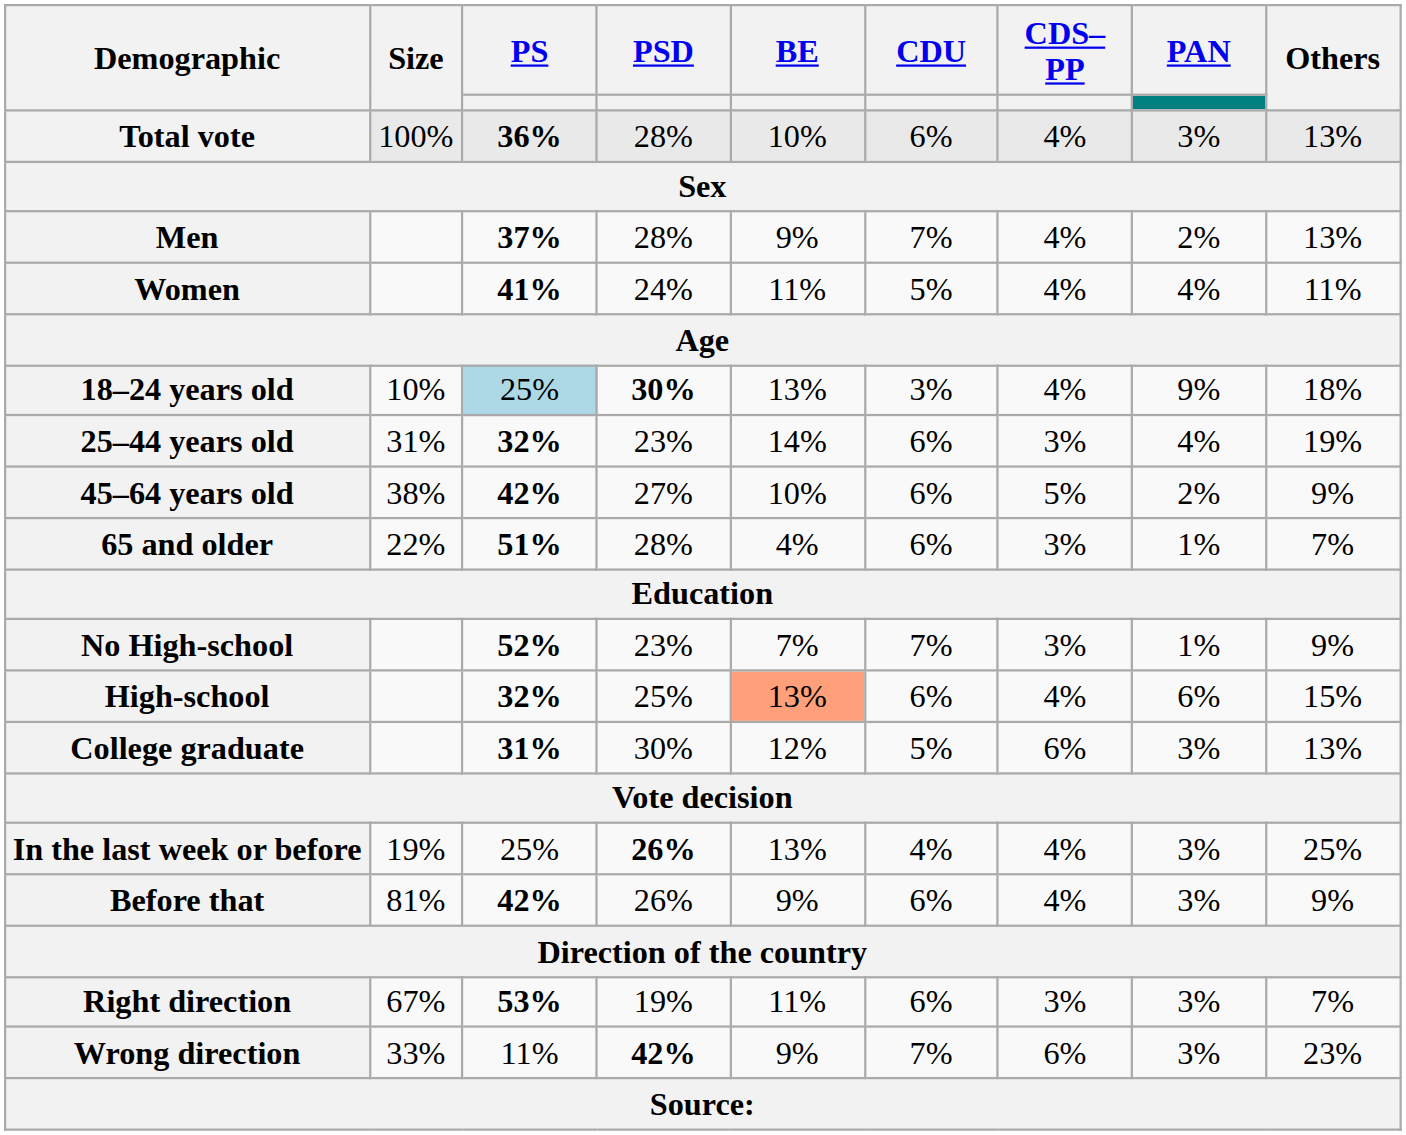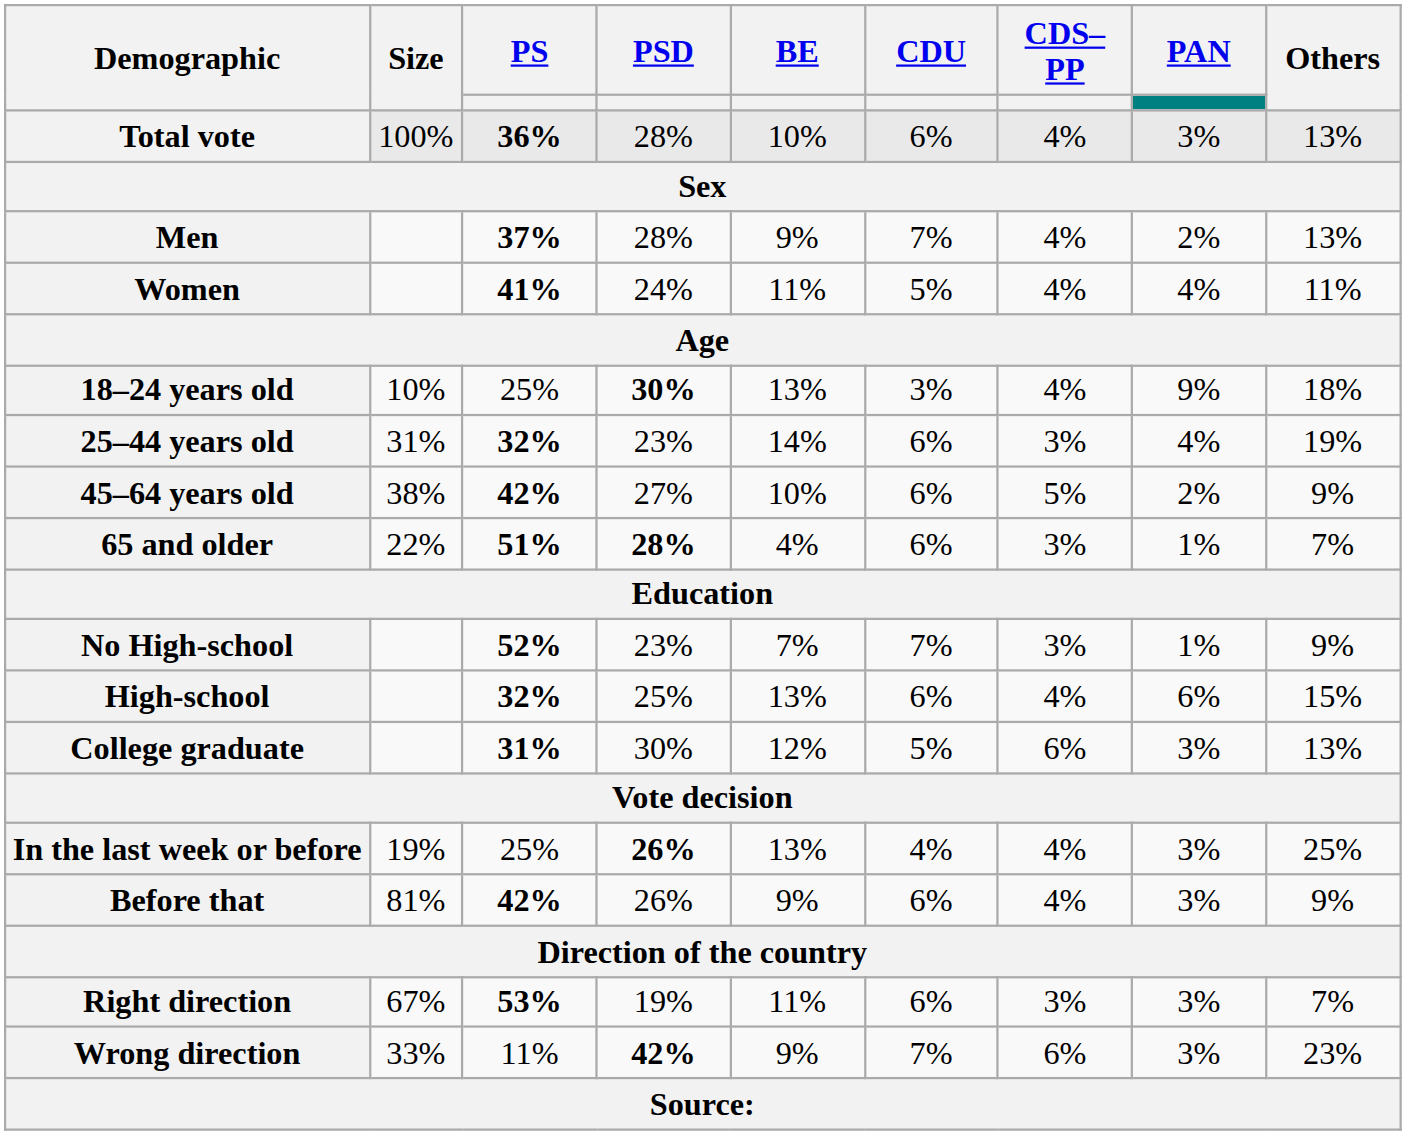 <table class="wikitable" style="text-align:center;font-size:90%;line-height:16px;">
 <tr style="height:40px;">
 <th rowspan="2" colspan="2">Demographic</th>
 <th rowspan="2" style="width:35px;">Size</th>
 <th style="width:53px;"><a href='#'>PS</a></th>
 <th style="width:53px;"><a href='#'>PSD</a></th>
 <th style="width:53px;"><a href='#'>BE</a></th>
 <th style="width:53px;"><a href='#'>CDU</a></th>
 <th style="width:53px;"><a href='#'>CDS–PP</a></th>
 <th style="width:53px;"><a href='#'>PAN</a></th>
 <th rowspan="2" style="width:53px;">Others</th>
 </tr>
 <tr>
 <th style="background:"></th>
 <th style="background:"></th>
 <th style="background:"></th>
 <th style="background:"></th>
 <th style="background:"></th>
 <th style="background:teal;"></th>
 </tr>
 <tr style="background:#E9E9E9;">
 <th colspan="2">Total vote</th>
 <td>100%</td>
 <td><strong>36%</strong></td>
 <td>28%</td>
 <td>10%</td>
 <td>6%</td>
 <td>4%</td>
 <td>3%</td>
 <td>13%</td>
 </tr>
 <tr>
 <th colspan="13">Sex</th>
 </tr>
 <tr>
 <th colspan="2">Men</th>
 <td></td>
 <td><strong>37%</strong></td>
 <td>28%</td>
 <td>9%</td>
 <td>7%</td>
 <td>4%</td>
 <td>2%</td>
 <td>13%</td>
 </tr>
 <tr>
 <th colspan="2">Women</th>
 <td></td>
 <td><strong>41%</strong></td>
 <td>24%</td>
 <td>11%</td>
 <td>5%</td>
 <td>4%</td>
 <td>4%</td>
 <td>11%</td>
 </tr>
 <tr>
 <th colspan="13">Age</th>
 </tr>
 <tr>
 <th colspan="2">18–24 years old</th>
 <td>10%</td>
-<td style="background: lightblue;">25%</td>
+<td>25%</td>
 <td><strong>30%</strong></td>
 <td>13%</td>
 <td>3%</td>
 <td>4%</td>
 <td>9%</td>
 <td>18%</td>
 </tr>
 <tr>
 <th colspan="2">25–44 years old</th>
 <td>31%</td>
 <td><strong>32%</strong></td>
 <td>23%</td>
 <td>14%</td>
 <td>6%</td>
 <td>3%</td>
 <td>4%</td>
 <td>19%</td>
 </tr>
 <tr>
 <th colspan="2">45–64 years old</th>
 <td>38%</td>
 <td><strong>42%</strong></td>
 <td>27%</td>
 <td>10%</td>
 <td>6%</td>
 <td>5%</td>
 <td>2%</td>
 <td>9%</td>
 </tr>
 <tr>
 <th colspan="2">65 and older</th>
 <td>22%</td>
 <td><strong>51%</strong></td>
-<td>28%</td>
+<td><strong>28%</strong></td>
 <td>4%</td>
 <td>6%</td>
 <td>3%</td>
 <td>1%</td>
 <td>7%</td>
 </tr>
 <tr>
 <th colspan="13">Education</th>
 </tr>
 <tr>
 <th colspan="2">No High-school</th>
 <td></td>
 <td><strong>52%</strong></td>
 <td>23%</td>
 <td>7%</td>
 <td>7%</td>
 <td>3%</td>
 <td>1%</td>
 <td>9%</td>
 </tr>
 <tr>
 <th colspan="2">High-school</th>
 <td></td>
 <td><strong>32%</strong></td>
 <td>25%</td>
-<td style="background: lightsalmon;">13%</td>
+<td>13%</td>
 <td>6%</td>
 <td>4%</td>
 <td>6%</td>
 <td>15%</td>
 </tr>
 <tr>
 <th colspan="2">College graduate</th>
 <td></td>
 <td><strong>31%</strong></td>
 <td>30%</td>
 <td>12%</td>
 <td>5%</td>
 <td>6%</td>
 <td>3%</td>
 <td>13%</td>
 </tr>
 <tr>
 <th colspan="13">Vote decision</th>
 </tr>
 <tr>
 <th colspan="2">In the last week or before</th>
 <td>19%</td>
 <td>25%</td>
 <td><strong>26%</strong></td>
 <td>13%</td>
 <td>4%</td>
 <td>4%</td>
 <td>3%</td>
 <td>25%</td>
 </tr>
 <tr>
 <th colspan="2">Before that</th>
 <td>81%</td>
 <td><strong>42%</strong></td>
 <td>26%</td>
 <td>9%</td>
 <td>6%</td>
 <td>4%</td>
 <td>3%</td>
 <td>9%</td>
 </tr>
 <tr>
 <th colspan="13">Direction of the country</th>
 </tr>
 <tr>
 <th colspan="2">Right direction</th>
 <td>67%</td>
 <td><strong>53%</strong></td>
 <td>19%</td>
 <td>11%</td>
 <td>6%</td>
 <td>3%</td>
 <td>3%</td>
 <td>7%</td>
 </tr>
 <tr>
 <th colspan="2">Wrong direction</th>
 <td>33%</td>
 <td>11%</td>
 <td><strong>42%</strong></td>
 <td>9%</td>
 <td>7%</td>
 <td>6%</td>
 <td>3%</td>
 <td>23%</td>
 </tr>
 <tr>
 <th colspan="13">Source: </th>
 </tr>
 </table>
